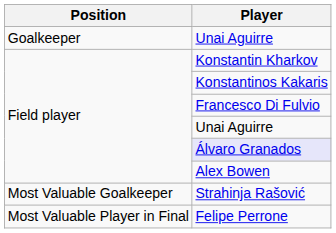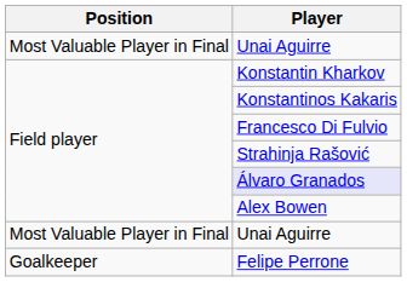 <table class="wikitable">
 <tr>
 <th>Position</th>
 <th>Player</th>
 </tr>
 <tr>
-<td>Goalkeeper</td>
+<td>Most Valuable Player in Final</td>
 <td> <a href='#'>Unai Aguirre</a></td>
 </tr>
 <tr>
 <td rowspan=6>Field player</td>
 <td> <a href='#'>Konstantin Kharkov</a></td>
 </tr>
 <tr>
 <td> <a href='#'>Konstantinos Kakaris</a></td>
 </tr>
 <tr>
 <td> <a href='#'>Francesco Di Fulvio</a></td>
 </tr>
 <tr>
-<td> Unai Aguirre</td>
+<td> <a href='#'>Strahinja Rašović</a></td>
 </tr>
 <tr>
 <td style="background: lavender;"> <a href='#'>Álvaro Granados</a></td>
 </tr>
 <tr>
 <td> <a href='#'>Alex Bowen</a></td>
 </tr>
 <tr>
-<td>Most Valuable Goalkeeper</td>
-<td> <a href='#'>Strahinja Rašović</a></td>
+<td>Most Valuable Player in Final</td>
+<td> Unai Aguirre</td>
 </tr>
 <tr>
-<td>Most Valuable Player in Final</td>
+<td>Goalkeeper</td>
 <td> <a href='#'>Felipe Perrone</a></td>
 </tr>
 </table>
